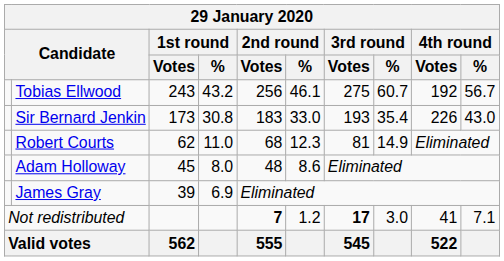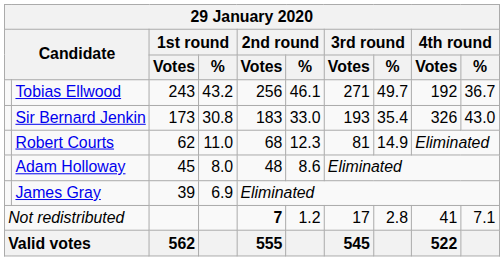 <table class="wikitable" style="min-width:250px;">
 <tr>
 <th colspan="16">29 January 2020</th>
 </tr>
 <tr>
 <th colspan="2" rowspan="2">Candidate</th>
 <th colspan="2">1st round</th>
 <th colspan="2">2nd round</th>
 <th colspan="2">3rd round</th>
 <th colspan="2">4th round</th>
 </tr>
 <tr>
 <th>Votes</th>
 <th>%</th>
 <th>Votes</th>
 <th>%</th>
 <th>Votes</th>
 <th>%</th>
 <th>Votes</th>
 <th>%</th>
 </tr>
 <tr>
 <td style="color:inherit;background-color: "></td>
 <td><a href='#'>Tobias Ellwood</a></td>
 <td align="right">243</td>
 <td align="right">43.2</td>
 <td align="right">256</td>
 <td align="right">46.1</td>
-<td align="right">275</td>
-<td align="right">60.7</td>
+<td align="right">271</td>
+<td align="right">49.7</td>
 <td align="right">192</td>
-<td align="right">56.7</td>
+<td align="right">36.7</td>
 </tr>
 <tr>
 <td style="color:inherit;background-color: "></td>
 <td><a href='#'>Sir Bernard Jenkin</a></td>
 <td align="right">173</td>
 <td align="right">30.8</td>
 <td align="right">183</td>
 <td align="right">33.0</td>
 <td align="right">193</td>
 <td align="right">35.4</td>
-<td align="right">226</td>
+<td align="right">326</td>
 <td align="right">43.0</td>
 </tr>
 <tr>
 <td style="color:inherit;background-color: "></td>
 <td><a href='#'>Robert Courts</a></td>
 <td align="right">62</td>
 <td align="right">11.0</td>
 <td align="right">68</td>
 <td align="right">12.3</td>
 <td align="right">81</td>
 <td align="right">14.9</td>
 <td colspan="2"><em>Eliminated</em></td>
 </tr>
 <tr>
 <td style="color:inherit;background-color: "></td>
 <td><a href='#'>Adam Holloway</a></td>
 <td align="right">45</td>
 <td align="right">8.0</td>
 <td align="right">48</td>
 <td align="right">8.6</td>
 <td colspan="4"><em>Eliminated</em></td>
 </tr>
 <tr>
 <td style="color:inherit;background-color: "></td>
 <td><a href='#'>James Gray</a></td>
 <td align="right">39</td>
 <td align="right">6.9</td>
 <td colspan="6"><em>Eliminated</em></td>
 </tr>
 <tr>
 <td colspan="2"><em>Not redistributed</em></td>
 <td align="right"></td>
 <td align="right"></td>
 <td align="right"><strong>7</strong></td>
 <td align="right">1.2</td>
-<td align="right"><strong>17</strong></td>
-<td align="right">3.0</td>
+<td align="right">17</td>
+<td align="right">2.8</td>
 <td align="right">41</td>
 <td align="right">7.1</td>
 </tr>
 <tr>
 <th style="text-align:left;" colspan="2"><strong>Valid votes</strong></th>
 <th style="text-align:right;">562</th>
 <th style="text-align:right;"></th>
 <th style="text-align:right;">555</th>
 <th style="text-align:right;"></th>
 <th style="text-align:right;">545</th>
 <th style="text-align:right;"></th>
 <th style="text-align:right;">522</th>
 <th style="text-align:right;"></th>
 </tr>
 </table>
